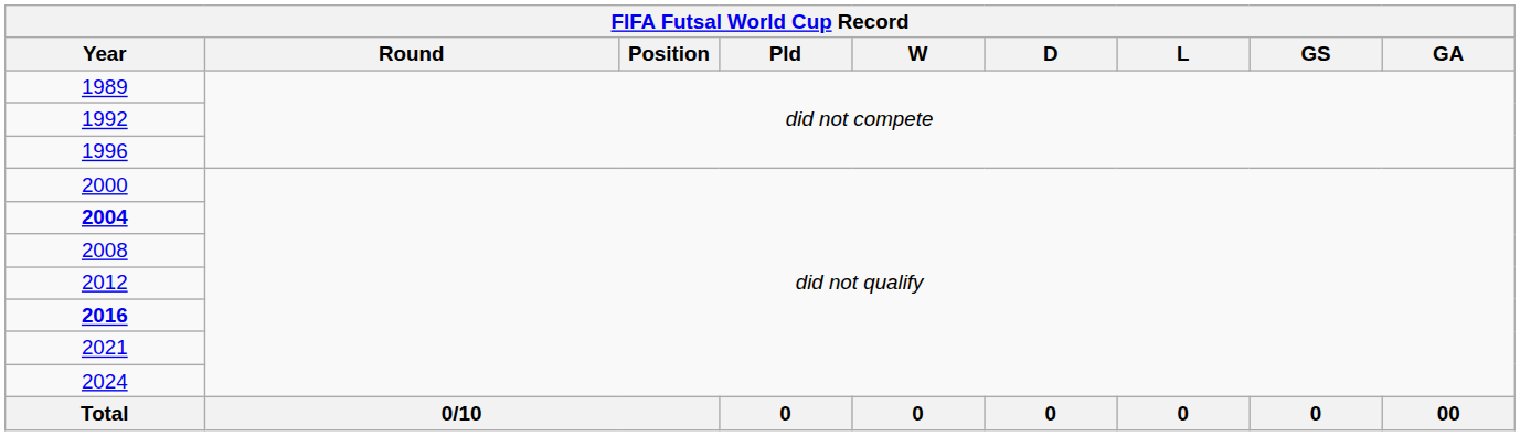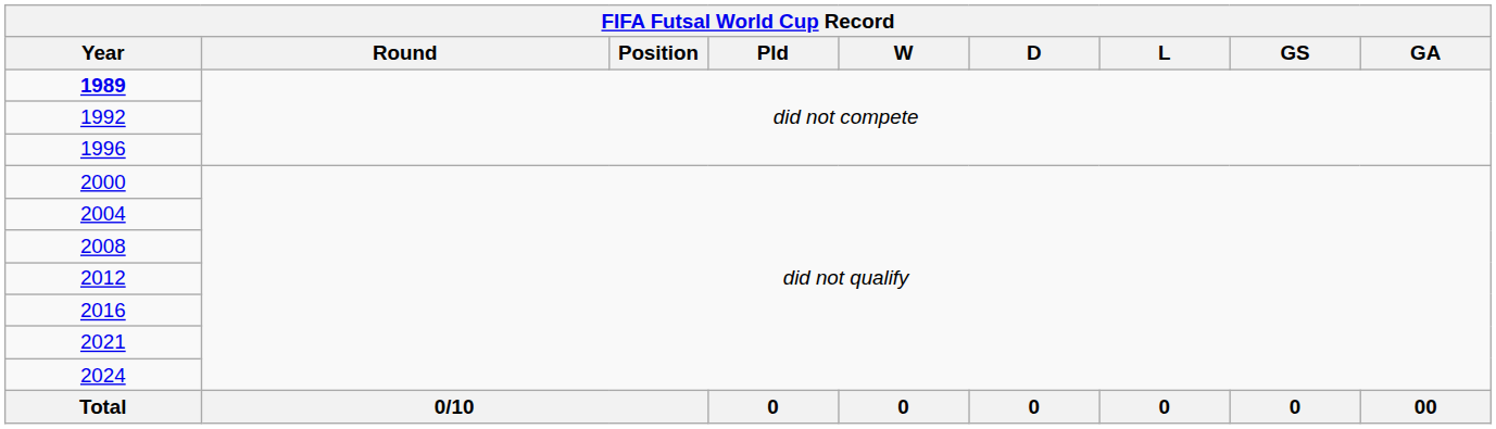 <table class="wikitable" width=50% style="text-align: center;font-size:85%;">
 <tr>
 <th colspan=9><a href='#'>FIFA Futsal World Cup</a> Record</th>
 </tr>
 <tr>
 <th width=12%>Year</th>
 <th width=25%>Round</th>
 <th width=6%>Position</th>
 <th width=8%>Pld</th>
 <th width=8%>W</th>
 <th width=8%>D</th>
 <th width=8%>L</th>
 <th width=8%>GS</th>
 <th width=8%>GA</th>
 </tr>
 <tr>
-<td> <a href='#'>1989</a></td>
+<td><strong> <a href='#'>1989</a></strong></td>
 <td rowspan=3 colspan=8><em>did not compete</em></td>
 </tr>
 <tr>
 <td> <a href='#'>1992</a></td>
 </tr>
 <tr>
 <td> <a href='#'>1996</a></td>
 </tr>
 <tr>
 <td> <a href='#'>2000</a></td>
 <td rowspan=7 colspan=8><em>did not qualify</em></td>
 </tr>
 <tr>
-<td><strong> <a href='#'>2004</a></strong></td>
+<td> <a href='#'>2004</a></td>
 </tr>
 <tr>
 <td> <a href='#'>2008</a></td>
 </tr>
 <tr>
 <td> <a href='#'>2012</a></td>
 </tr>
 <tr>
-<td><strong> <a href='#'>2016</a></strong></td>
+<td> <a href='#'>2016</a></td>
 </tr>
 <tr>
 <td> <a href='#'>2021</a></td>
 </tr>
 <tr>
 <td> <a href='#'>2024</a></td>
 </tr>
 <tr>
 <th><strong>Total</strong></th>
 <th colspan=2>0/10</th>
 <th>0</th>
 <th>0</th>
 <th>0</th>
 <th>0</th>
 <th>0</th>
 <th>00</th>
 </tr>
 </table>
